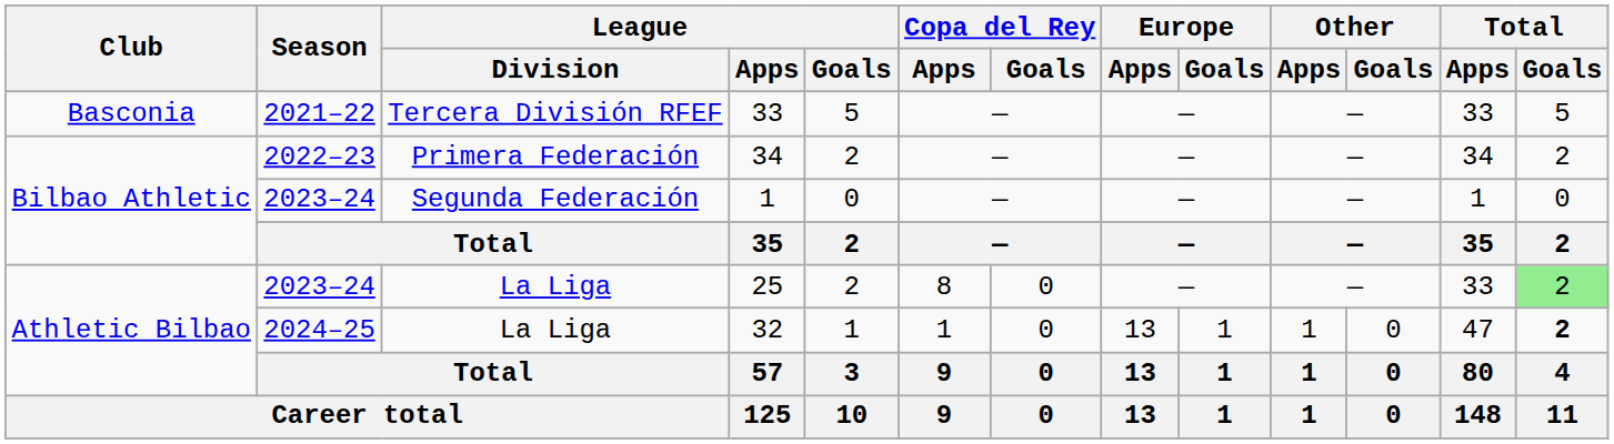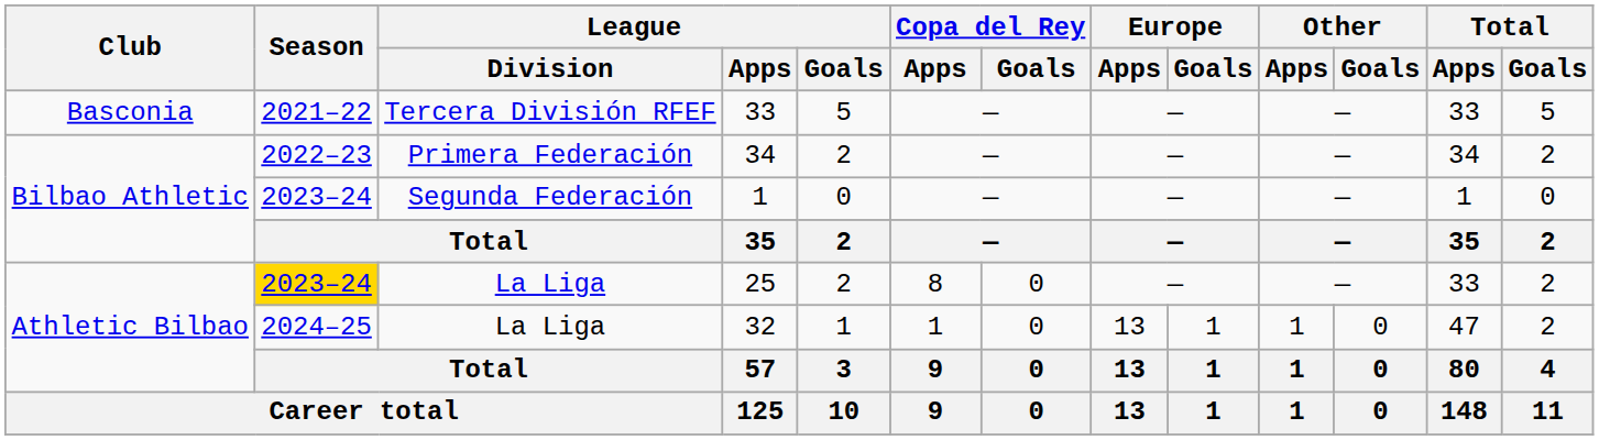 <table class="wikitable" style="text-align:center">
 <tr>
 <th rowspan="2">Club</th>
 <th rowspan="2">Season</th>
 <th colspan="3">League</th>
 <th colspan="2"><a href='#'>Copa del Rey</a></th>
 <th colspan="2">Europe</th>
 <th colspan="2">Other</th>
 <th colspan="2">Total</th>
 </tr>
 <tr>
 <th>Division</th>
 <th>Apps</th>
 <th>Goals</th>
 <th>Apps</th>
 <th>Goals</th>
 <th>Apps</th>
 <th>Goals</th>
 <th>Apps</th>
 <th>Goals</th>
 <th>Apps</th>
 <th>Goals</th>
 </tr>
 <tr>
 <td><a href='#'>Basconia</a></td>
 <td><a href='#'>2021–22</a></td>
 <td><a href='#'>Tercera División RFEF</a></td>
 <td>33</td>
 <td>5</td>
 <td colspan="2">—</td>
 <td colspan="2">—</td>
 <td colspan="2">—</td>
 <td>33</td>
 <td>5</td>
 </tr>
 <tr>
 <td rowspan="3"><a href='#'>Bilbao Athletic</a></td>
 <td><a href='#'>2022–23</a></td>
 <td><a href='#'>Primera Federación</a></td>
 <td>34</td>
 <td>2</td>
 <td colspan="2">—</td>
 <td colspan="2">—</td>
 <td colspan="2">—</td>
 <td>34</td>
 <td>2</td>
 </tr>
 <tr>
 <td><a href='#'>2023–24</a></td>
 <td><a href='#'>Segunda Federación</a></td>
 <td>1</td>
 <td>0</td>
 <td colspan="2">—</td>
 <td colspan="2">—</td>
 <td colspan="2">—</td>
 <td>1</td>
 <td>0</td>
 </tr>
 <tr>
 <th colspan="2">Total</th>
 <th>35</th>
 <th>2</th>
 <th colspan="2">—</th>
 <th colspan="2">—</th>
 <th colspan="2">—</th>
 <th>35</th>
 <th>2</th>
 </tr>
 <tr>
 <td rowspan="3"><a href='#'>Athletic Bilbao</a></td>
-<td><a href='#'>2023–24</a></td>
+<td style="background: gold;"><a href='#'>2023–24</a></td>
 <td><a href='#'>La Liga</a></td>
 <td>25</td>
 <td>2</td>
 <td>8</td>
 <td>0</td>
 <td colspan="2">—</td>
 <td colspan="2">—</td>
 <td>33</td>
-<td style="background: lightgreen;">2</td>
+<td>2</td>
 </tr>
 <tr>
 <td><a href='#'>2024–25</a></td>
 <td>La Liga</td>
 <td>32</td>
 <td>1</td>
 <td>1</td>
 <td>0</td>
 <td>13</td>
 <td>1</td>
 <td>1</td>
 <td>0</td>
 <td>47</td>
-<td><strong>2</strong></td>
+<td>2</td>
 </tr>
 <tr>
 <th colspan="2">Total</th>
 <th>57</th>
 <th>3</th>
 <th>9</th>
 <th>0</th>
 <th>13</th>
 <th>1</th>
 <th>1</th>
 <th>0</th>
 <th>80</th>
 <th>4</th>
 </tr>
 <tr>
 <th colspan="3">Career total</th>
 <th>125</th>
 <th>10</th>
 <th>9</th>
 <th>0</th>
 <th>13</th>
 <th>1</th>
 <th>1</th>
 <th>0</th>
 <th>148</th>
 <th>11</th>
 </tr>
 </table>
